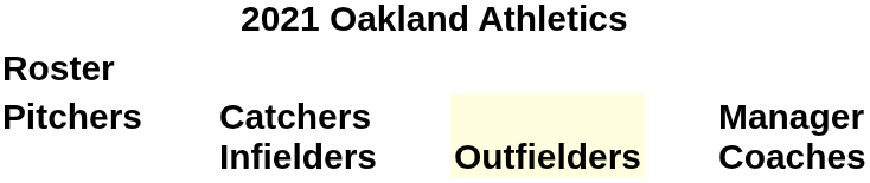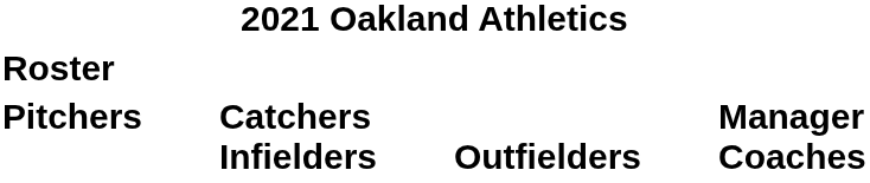 <table class="toccolours" style="font-size: 95%;">
 <tr>
 <th colspan="10">2021 Oakland Athletics</th>
 </tr>
 <tr>
 <td colspan="10"><strong>Roster</strong></td>
 </tr>
 <tr>
 <td valign="top"><strong>Pitchers</strong><br>                        </td>
 <td style="width:25px;"></td>
 <td valign="top"><strong>Catchers</strong><br>    <strong>Infielders</strong>            </td>
 <td style="width:25px;"></td>
-<td valign="top" style="background: lightyellow;"><br><strong>Outfielders</strong>          </td>
+<td valign="top"><br><strong>Outfielders</strong>          </td>
 <td style="width:25px;"></td>
 <td valign="top"><strong>Manager</strong><br> <strong>Coaches</strong>                  </td>
 </tr>
 </table>
